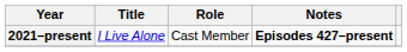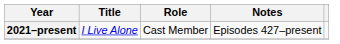 <table class="wikitable plainrowheaders">
 <tr>
 <th scope="col">Year</th>
 <th scope="col">Title</th>
 <th scope="col">Role</th>
 <th scope="col">Notes</th>
 <th scope="col" class="unsortable"></th>
 </tr>
 <tr>
 <th scope="row">2021–present</th>
 <td><em><a href='#'>I Live Alone</a></em></td>
 <td>Cast Member</td>
-<td><strong>Episodes 427–present</strong></td>
+<td>Episodes 427–present</td>
 <td></td>
 </tr>
 <tr>
 </tr>
 </table>
